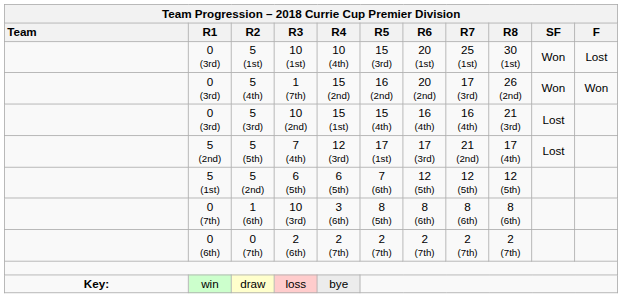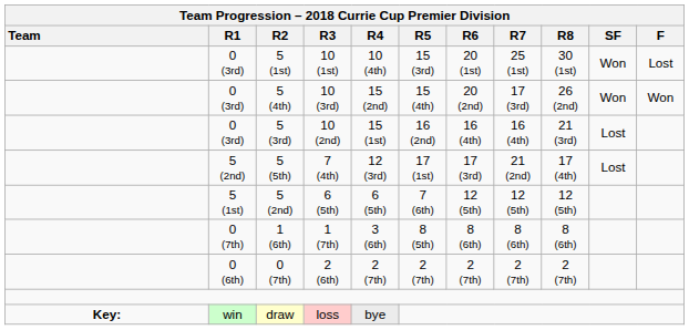 <table class="wikitable collapsible" style="text-align:center; width:60%; font-size:90%">
 <tr>
 <th colspan=100%>Team Progression – 2018 Currie Cup Premier Division</th>
 </tr>
 <tr>
 <th style="text-align:left; width:30%;">Team</th>
 <th style="width:7%;">R1</th>
 <th style="width:7%;">R2</th>
 <th style="width:7%;">R3</th>
 <th style="width:7%;">R4</th>
 <th style="width:7%;">R5</th>
 <th style="width:7%;">R6</th>
 <th style="width:7%;">R7</th>
 <th style="width:7%;">R8</th>
 <th style="width:7%;">SF</th>
 <th style="width:7%;">F</th>
 </tr>
 <tr>
 <td style="text-align:left;"></td>
 <td>0 <br> <small>(3rd)</small></td>
 <td>5 <br> <small>(1st)</small></td>
 <td>10 <br> <small>(1st)</small></td>
 <td>10 <br> <small>(4th)</small></td>
 <td>15 <br> <small>(3rd)</small></td>
 <td>20 <br> <small>(1st)</small></td>
 <td>25 <br> <small>(1st)</small></td>
 <td>30 <br> <small>(1st)</small></td>
 <td>Won</td>
 <td>Lost</td>
 </tr>
 <tr>
 <td style="text-align:left;"></td>
 <td>0 <br> <small>(3rd)</small></td>
 <td>5 <br> <small>(4th)</small></td>
-<td>1 <br> <small>(7th)</small></td>
+<td>10 <br> <small>(3rd)</small></td>
 <td>15 <br> <small>(2nd)</small></td>
-<td>16 <br> <small>(2nd)</small></td>
+<td>15 <br> <small>(4th)</small></td>
 <td>20 <br> <small>(2nd)</small></td>
 <td>17 <br> <small>(3rd)</small></td>
 <td>26 <br> <small>(2nd)</small></td>
 <td>Won</td>
 <td>Won</td>
 </tr>
 <tr>
 <td style="text-align:left;"></td>
 <td>0 <br> <small>(3rd)</small></td>
 <td>5 <br> <small>(3rd)</small></td>
 <td>10 <br> <small>(2nd)</small></td>
 <td>15 <br> <small>(1st)</small></td>
-<td>15 <br> <small>(4th)</small></td>
+<td>16 <br> <small>(2nd)</small></td>
 <td>16 <br> <small>(4th)</small></td>
 <td>16 <br> <small>(4th)</small></td>
 <td>21 <br> <small>(3rd)</small></td>
 <td>Lost</td>
 <td> </td>
 </tr>
 <tr>
 <td style="text-align:left;"></td>
 <td>5 <br> <small>(2nd)</small></td>
 <td>5 <br> <small>(5th)</small></td>
 <td>7 <br> <small>(4th)</small></td>
 <td>12 <br> <small>(3rd)</small></td>
 <td>17 <br> <small>(1st)</small></td>
 <td>17 <br> <small>(3rd)</small></td>
 <td>21 <br> <small>(2nd)</small></td>
 <td>17 <br> <small>(4th)</small></td>
 <td>Lost</td>
 <td> </td>
 </tr>
 <tr>
 <td style="text-align:left;"></td>
 <td>5 <br> <small>(1st)</small></td>
 <td>5 <br> <small>(2nd)</small></td>
 <td>6 <br> <small>(5th)</small></td>
 <td>6 <br> <small>(5th)</small></td>
 <td>7 <br> <small>(6th)</small></td>
 <td>12 <br> <small>(5th)</small></td>
 <td>12 <br> <small>(5th)</small></td>
 <td>12 <br> <small>(5th)</small></td>
 <td> </td>
 <td> </td>
 </tr>
 <tr>
 <td style="text-align:left;"></td>
 <td>0 <br> <small>(7th)</small></td>
 <td>1 <br> <small>(6th)</small></td>
-<td>10 <br> <small>(3rd)</small></td>
+<td>1 <br> <small>(7th)</small></td>
 <td>3 <br> <small>(6th)</small></td>
 <td>8 <br> <small>(5th)</small></td>
 <td>8 <br> <small>(6th)</small></td>
 <td>8 <br> <small>(6th)</small></td>
 <td>8 <br> <small>(6th)</small></td>
 <td> </td>
 <td> </td>
 </tr>
 <tr>
 <td style="text-align:left;"></td>
 <td>0 <br> <small>(6th)</small></td>
 <td>0 <br> <small>(7th)</small></td>
 <td>2 <br> <small>(6th)</small></td>
 <td>2 <br> <small>(7th)</small></td>
 <td>2 <br> <small>(7th)</small></td>
 <td>2 <br> <small>(7th)</small></td>
 <td>2 <br> <small>(7th)</small></td>
 <td>2 <br> <small>(7th)</small></td>
 <td> </td>
 <td> </td>
 </tr>
 <tr>
 <td colspan=11 style="text-align:center; height: 10px;"></td>
 </tr>
 <tr>
 <td><strong>Key:</strong></td>
 <td style="background:#CCFFCC;">win</td>
 <td style="background:#FFFFCC;">draw</td>
 <td style="background:#FFCCCC;">loss</td>
 <td style="background:#ECECEC;">bye</td>
 <td colspan=6></td>
 </tr>
 </table>
